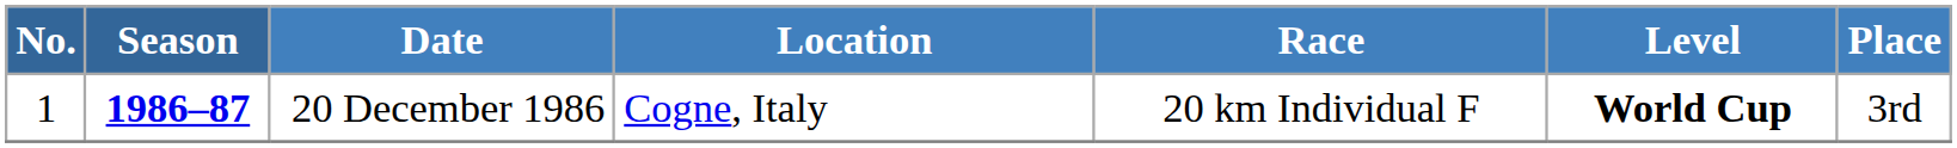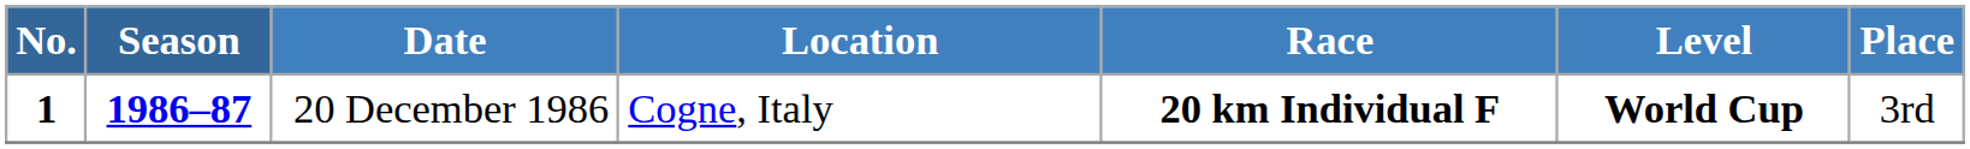 <table class="wikitable sortable" style="font-size:95%; text-align:center; border:grey solid 1px; border-collapse:collapse; background:#ffffff;">
 <tr style="background:#efefef;">
 <th style="background-color:#369; color:white;">No.</th>
 <th style="background-color:#369; color:white;">Season</th>
 <th style="background-color:#4180be; color:white; width:120px;">Date</th>
 <th style="background-color:#4180be; color:white; width:170px;">Location</th>
 <th style="background-color:#4180be; color:white; width:160px;">Race</th>
 <th style="background-color:#4180be; color:white; width:100px;">Level</th>
 <th style="background-color:#4180be; color:white;">Place</th>
 </tr>
 <tr>
-<td align=center>1</td>
+<td align=center><strong>1</strong></td>
 <td rowspan=1 align=center><strong> <a href='#'>1986–87</a> </strong></td>
 <td align=right>20 December 1986</td>
 <td align=left> <a href='#'>Cogne</a>, Italy</td>
-<td>20 km Individual F</td>
+<td><strong>20 km Individual F</strong></td>
 <td><strong>World Cup</strong></td>
 <td>3rd</td>
 </tr>
 <tr>
 </tr>
 </table>
